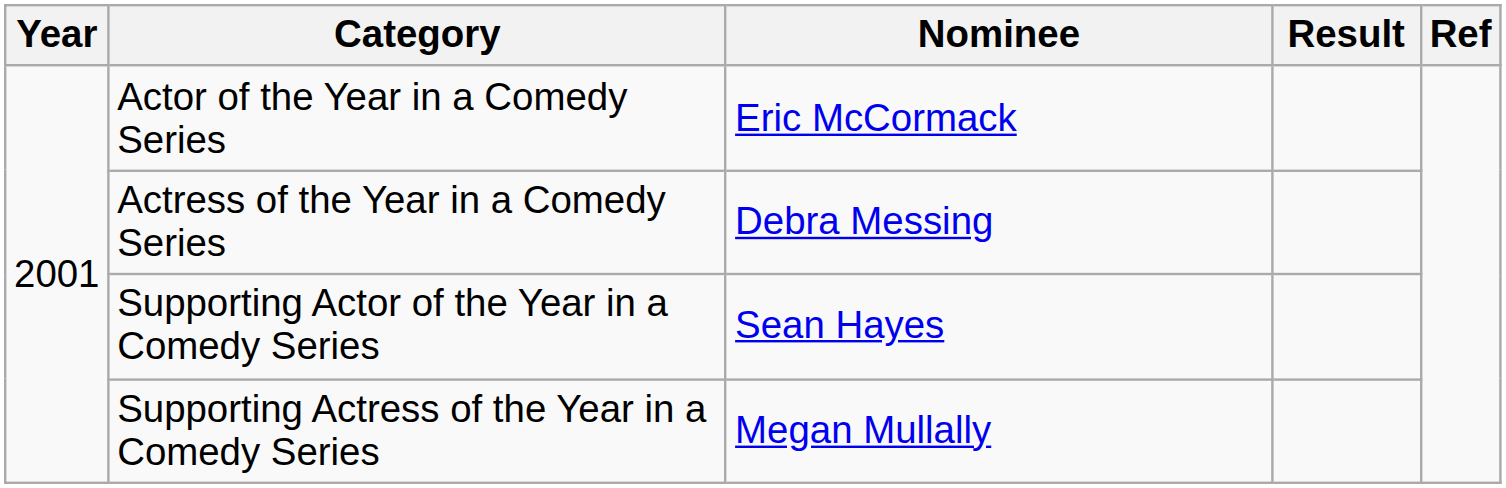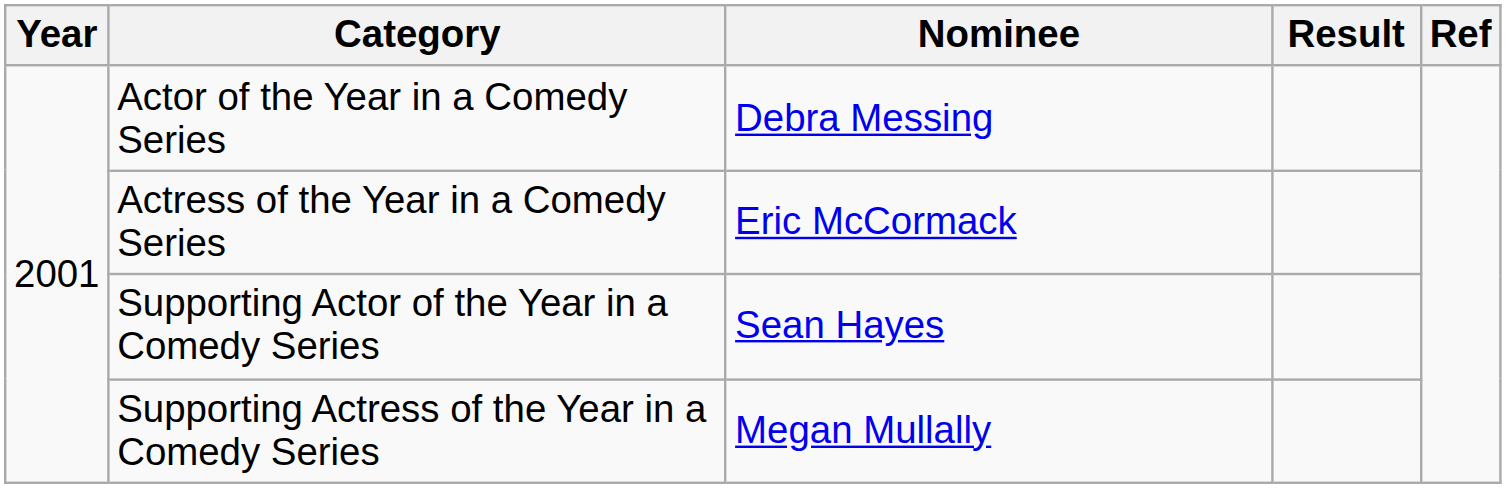 <table class="wikitable" style="width:100%;">
 <tr>
 <th style="width:6%;">Year</th>
 <th style="width:42%;">Category</th>
 <th style="width:37%;">Nominee</th>
 <th style="width:10%;">Result</th>
 <th style="width:5%;">Ref</th>
 </tr>
 <tr>
 <td rowspan="4" style="text-align:center;">2001</td>
 <td>Actor of the Year in a Comedy Series</td>
-<td><a href='#'>Eric McCormack</a></td>
+<td><a href='#'>Debra Messing</a></td>
 <td></td>
 <td rowspan="4" style="text-align:center;"></td>
 </tr>
 <tr>
 <td>Actress of the Year in a Comedy Series</td>
-<td><a href='#'>Debra Messing</a></td>
+<td><a href='#'>Eric McCormack</a></td>
 <td></td>
 </tr>
 <tr>
 <td>Supporting Actor of the Year in a Comedy Series</td>
 <td><a href='#'>Sean Hayes</a></td>
 <td></td>
 </tr>
 <tr>
 <td>Supporting Actress of the Year in a Comedy Series</td>
 <td><a href='#'>Megan Mullally</a></td>
 <td></td>
 </tr>
 </table>
